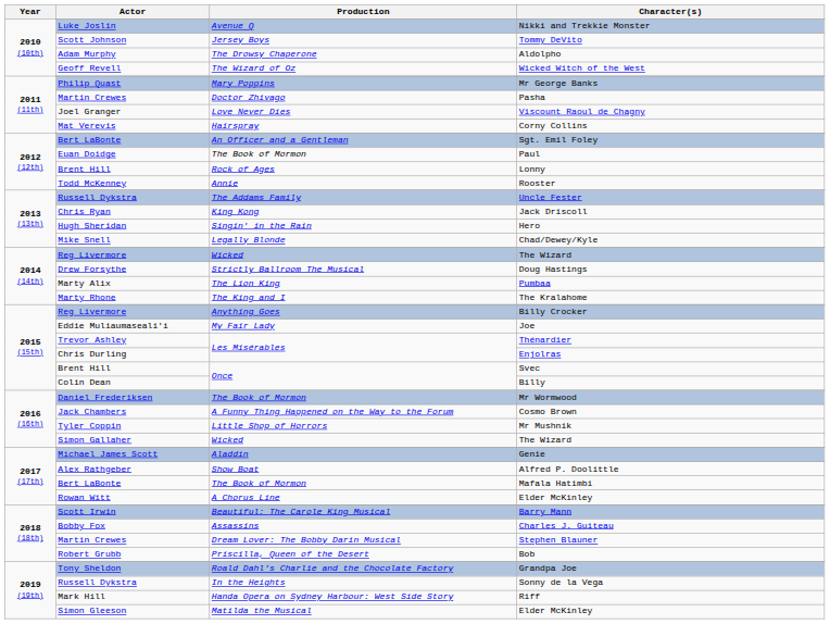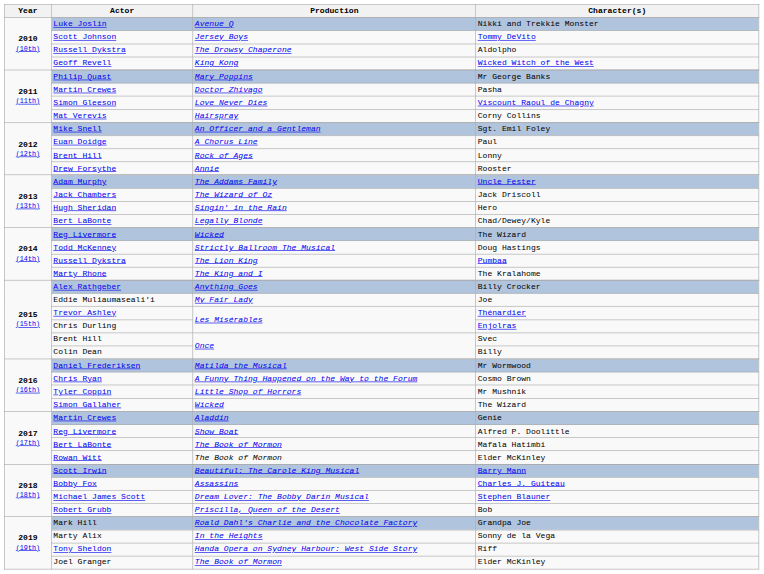 <table class="sortable wikitable">
 <tr>
 <th width="5%">Year</th>
 <th width="15%">Actor</th>
 <th width="30%">Production</th>
 <th width="30%">Character(s)</th>
 </tr>
 <tr>
 <td rowspan="5" align="center"><strong>2010</strong><br><small><a href='#'>(10th)</a></small></td>
 </tr>
 <tr style="background:#B0C4DE">
 <td><a href='#'>Luke Joslin</a></td>
 <td><em><a href='#'>Avenue Q</a></em></td>
 <td>Nikki and Trekkie Monster</td>
 </tr>
 <tr>
 <td><a href='#'>Scott Johnson</a></td>
 <td><em><a href='#'>Jersey Boys</a></em></td>
 <td><a href='#'>Tommy DeVito</a></td>
 </tr>
 <tr>
-<td><a href='#'>Adam Murphy</a></td>
+<td><a href='#'>Russell Dykstra</a></td>
 <td><em><a href='#'>The Drowsy Chaperone</a></em></td>
 <td>Aldolpho</td>
 </tr>
 <tr>
 <td><a href='#'>Geoff Revell</a></td>
-<td><em><a href='#'>The Wizard of Oz</a></em></td>
+<td><em><a href='#'>King Kong</a></em></td>
 <td><a href='#'>Wicked Witch of the West</a></td>
 </tr>
 <tr>
 <td rowspan="5" align="center"><strong>2011</strong><br><small><a href='#'>(11th)</a></small></td>
 </tr>
 <tr style="background:#B0C4DE">
 <td><a href='#'>Philip Quast</a></td>
 <td><em><a href='#'>Mary Poppins</a></em></td>
 <td>Mr George Banks</td>
 </tr>
 <tr>
 <td><a href='#'>Martin Crewes</a></td>
 <td><em><a href='#'>Doctor Zhivago</a></em></td>
 <td>Pasha</td>
 </tr>
 <tr>
-<td>Joel Granger</td>
+<td><a href='#'>Simon Gleeson</a></td>
 <td><em><a href='#'>Love Never Dies</a></em></td>
 <td><a href='#'>Viscount Raoul de Chagny</a></td>
 </tr>
 <tr>
 <td><a href='#'>Mat Verevis</a></td>
 <td><em><a href='#'>Hairspray</a></em></td>
 <td>Corny Collins</td>
 </tr>
 <tr>
 <td rowspan="5" align="center"><strong>2012</strong><br><small><a href='#'>(12th)</a></small></td>
 </tr>
 <tr style="background:#B0C4DE">
-<td><a href='#'>Bert LaBonte</a></td>
+<td><a href='#'>Mike Snell</a></td>
 <td><em><a href='#'>An Officer and a Gentleman</a></em></td>
 <td>Sgt. Emil Foley</td>
 </tr>
 <tr>
 <td><a href='#'>Euan Doidge</a></td>
-<td><em>The Book of Mormon</em></td>
+<td><em><a href='#'>A Chorus Line</a></em></td>
 <td>Paul</td>
 </tr>
 <tr>
 <td><a href='#'>Brent Hill</a></td>
 <td><em><a href='#'>Rock of Ages</a></em></td>
 <td>Lonny</td>
 </tr>
 <tr>
-<td><a href='#'>Todd McKenney</a></td>
+<td><a href='#'>Drew Forsythe</a></td>
 <td><em><a href='#'>Annie</a></em></td>
 <td>Rooster</td>
 </tr>
 <tr>
 <td rowspan="5" align="center"><strong>2013</strong><br><small><a href='#'>(13th)</a></small></td>
 </tr>
 <tr style="background:#B0C4DE">
-<td><a href='#'>Russell Dykstra</a></td>
+<td><a href='#'>Adam Murphy</a></td>
 <td><em><a href='#'>The Addams Family</a></em></td>
 <td><a href='#'>Uncle Fester</a></td>
 </tr>
 <tr>
-<td><a href='#'>Chris Ryan</a></td>
-<td><em><a href='#'>King Kong</a></em></td>
+<td><a href='#'>Jack Chambers</a></td>
+<td><em><a href='#'>The Wizard of Oz</a></em></td>
 <td>Jack Driscoll</td>
 </tr>
 <tr>
 <td><a href='#'>Hugh Sheridan</a></td>
 <td><em><a href='#'>Singin' in the Rain</a></em></td>
 <td>Hero</td>
 </tr>
 <tr>
-<td><a href='#'>Mike Snell</a></td>
+<td><a href='#'>Bert LaBonte</a></td>
 <td><em><a href='#'>Legally Blonde</a></em></td>
 <td>Chad/Dewey/Kyle</td>
 </tr>
 <tr>
 <td rowspan="5" align="center"><strong>2014</strong><br><small><a href='#'>(14th)</a></small></td>
 </tr>
 <tr style="background:#B0C4DE">
 <td><a href='#'>Reg Livermore</a></td>
 <td><em><a href='#'>Wicked</a></em></td>
 <td>The Wizard</td>
 </tr>
 <tr>
-<td><a href='#'>Drew Forsythe</a></td>
+<td><a href='#'>Todd McKenney</a></td>
 <td><em><a href='#'>Strictly Ballroom The Musical</a></em></td>
 <td>Doug Hastings</td>
 </tr>
 <tr>
-<td>Marty Alix</td>
+<td><a href='#'>Russell Dykstra</a></td>
 <td><em><a href='#'>The Lion King</a></em></td>
 <td><a href='#'>Pumbaa</a></td>
 </tr>
 <tr>
 <td><a href='#'>Marty Rhone</a></td>
 <td><em><a href='#'>The King and I</a></em></td>
 <td>The Kralahome</td>
 </tr>
 <tr>
 <td rowspan="7" align="center"><strong>2015</strong><br><small><a href='#'>(15th)</a></small></td>
 </tr>
 <tr style="background:#B0C4DE">
-<td><a href='#'>Reg Livermore</a></td>
+<td><a href='#'>Alex Rathgeber</a></td>
 <td><em><a href='#'>Anything Goes</a></em></td>
 <td>Billy Crocker</td>
 </tr>
 <tr>
 <td>Eddie Muliaumaseali'i</td>
 <td><em><a href='#'>My Fair Lady</a></em></td>
 <td>Joe</td>
 </tr>
 <tr>
 <td><a href='#'>Trevor Ashley</a></td>
 <td rowspan="2"><em><a href='#'>Les Misérables</a></em></td>
 <td><a href='#'>Thénardier</a></td>
 </tr>
 <tr>
 <td>Chris Durling</td>
 <td><a href='#'>Enjolras</a></td>
 </tr>
 <tr>
 <td>Brent Hill</td>
 <td rowspan="2"><em><a href='#'>Once</a></em></td>
 <td>Svec</td>
 </tr>
 <tr>
 <td>Colin Dean</td>
 <td>Billy</td>
 </tr>
 <tr>
 <td rowspan="5" align="center"><strong>2016</strong><br><small><a href='#'>(16th)</a></small></td>
 </tr>
 <tr style="background:#B0C4DE">
 <td><a href='#'>Daniel Frederiksen</a></td>
-<td><em><a href='#'>The Book of Mormon</a></em></td>
+<td><em><a href='#'>Matilda the Musical</a></em></td>
 <td>Mr Wormwood</td>
 </tr>
 <tr>
-<td><a href='#'>Jack Chambers</a></td>
+<td><a href='#'>Chris Ryan</a></td>
 <td><em><a href='#'>A Funny Thing Happened on the Way to the Forum</a></em></td>
 <td>Cosmo Brown</td>
 </tr>
 <tr>
 <td><a href='#'>Tyler Coppin</a></td>
 <td><em><a href='#'>Little Shop of Horrors</a></em></td>
 <td>Mr Mushnik</td>
 </tr>
 <tr>
 <td><a href='#'>Simon Gallaher</a></td>
 <td><em><a href='#'>Wicked</a></em></td>
 <td>The Wizard</td>
 </tr>
 <tr>
 <td rowspan="5" align="center"><strong>2017</strong><br><small><a href='#'>(17th)</a></small></td>
 </tr>
 <tr style="background:#B0C4DE">
-<td><a href='#'>Michael James Scott</a></td>
+<td><a href='#'>Martin Crewes</a></td>
 <td><em><a href='#'>Aladdin</a></em></td>
 <td>Genie</td>
 </tr>
 <tr>
-<td><a href='#'>Alex Rathgeber</a></td>
+<td><a href='#'>Reg Livermore</a></td>
 <td><em><a href='#'>Show Boat</a></em></td>
 <td>Alfred P. Doolittle</td>
 </tr>
 <tr>
 <td><a href='#'>Bert LaBonte</a></td>
 <td><em><a href='#'>The Book of Mormon</a></em></td>
 <td>Mafala Hatimbi</td>
 </tr>
 <tr>
 <td><a href='#'>Rowan Witt</a></td>
-<td><em><a href='#'>A Chorus Line</a></em></td>
+<td><em>The Book of Mormon</em></td>
 <td>Elder McKinley</td>
 </tr>
 <tr>
 <td rowspan="5" align="center"><strong>2018</strong><br><small><a href='#'>(18th)</a></small></td>
 </tr>
 <tr style="background:#B0C4DE">
 <td><a href='#'>Scott Irwin</a></td>
 <td><em><a href='#'>Beautiful: The Carole King Musical</a></em></td>
 <td><a href='#'>Barry Mann</a></td>
 </tr>
 <tr>
 <td><a href='#'>Bobby Fox</a></td>
 <td><em><a href='#'>Assassins</a></em></td>
 <td><a href='#'>Charles J. Guiteau</a></td>
 </tr>
 <tr>
-<td><a href='#'>Martin Crewes</a></td>
+<td><a href='#'>Michael James Scott</a></td>
 <td><em><a href='#'>Dream Lover: The Bobby Darin Musical</a></em></td>
 <td><a href='#'>Stephen Blauner</a></td>
 </tr>
 <tr>
 <td><a href='#'>Robert Grubb</a></td>
 <td><em><a href='#'>Priscilla, Queen of the Desert</a></em></td>
 <td>Bob</td>
 </tr>
 <tr>
 <td rowspan="5" align="center"><strong>2019</strong><br><small><a href='#'>(19th)</a></small></td>
 </tr>
 <tr style="background:#B0C4DE">
-<td><a href='#'>Tony Sheldon</a></td>
+<td>Mark Hill</td>
 <td><em><a href='#'>Roald Dahl's Charlie and the Chocolate Factory</a></em></td>
 <td>Grandpa Joe</td>
 </tr>
 <tr>
-<td><a href='#'>Russell Dykstra</a></td>
+<td>Marty Alix</td>
 <td><em><a href='#'>In the Heights</a></em></td>
 <td>Sonny de la Vega</td>
 </tr>
 <tr>
-<td>Mark Hill</td>
+<td><a href='#'>Tony Sheldon</a></td>
 <td><em><a href='#'>Handa Opera on Sydney Harbour: West Side Story</a></em></td>
 <td>Riff</td>
 </tr>
 <tr>
-<td><a href='#'>Simon Gleeson</a></td>
-<td><em><a href='#'>Matilda the Musical</a></em></td>
+<td>Joel Granger</td>
+<td><em><a href='#'>The Book of Mormon</a></em></td>
 <td>Elder McKinley</td>
 </tr>
 </table>
